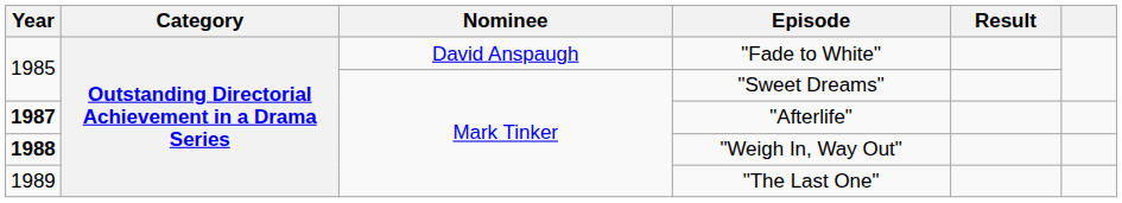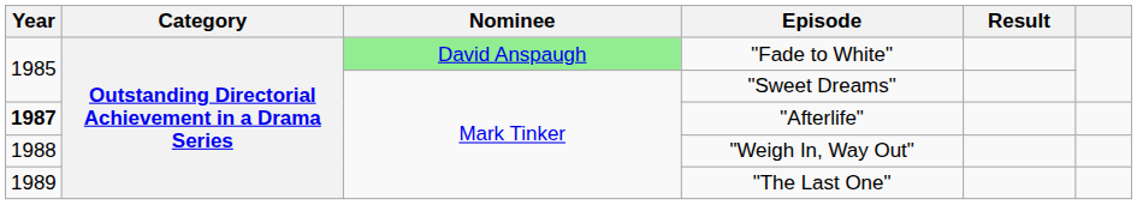 <table class="wikitable plainrowheaders" style="text-align:center" width=100%>
 <tr>
 <th scope="col" width="5%">Year</th>
 <th scope="col" width="25%">Category</th>
 <th scope="col" width="30%">Nominee</th>
 <th scope="col" width="25%">Episode</th>
 <th scope="col" width="10%">Result</th>
 <th scope="col" width="5%"></th>
 </tr>
 <tr>
 <td rowspan="2">1985</td>
 <th scope="row" style="text-align:center" rowspan="5"><a href='#'>Outstanding Directorial Achievement in a Drama Series</a></th>
-<td><a href='#'>David Anspaugh</a></td>
+<td style="background: lightgreen;"><a href='#'>David Anspaugh</a></td>
 <td>"Fade to White"</td>
 <td></td>
 <td rowspan="2"></td>
 </tr>
 <tr>
 <td rowspan="4"><a href='#'>Mark Tinker</a></td>
 <td>"Sweet Dreams"</td>
 <td></td>
 </tr>
 <tr>
 <td><strong>1987</strong></td>
 <td>"Afterlife"</td>
 <td></td>
 <td></td>
 </tr>
 <tr>
-<td><strong>1988</strong></td>
+<td>1988</td>
 <td>"Weigh In, Way Out"</td>
 <td></td>
 <td></td>
 </tr>
 <tr>
 <td>1989</td>
 <td>"The Last One"</td>
 <td></td>
 <td></td>
 </tr>
 </table>
